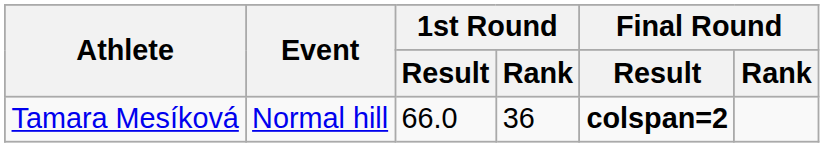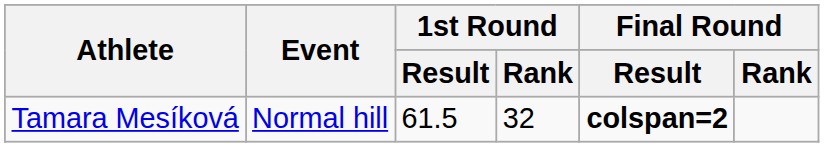 <table class="wikitable">
 <tr>
 <th rowspan="2">Athlete</th>
 <th rowspan="2">Event</th>
 <th colspan="2">1st Round</th>
 <th colspan="2">Final Round</th>
 </tr>
 <tr>
 <th>Result</th>
 <th>Rank</th>
 <th>Result</th>
 <th>Rank</th>
 </tr>
 <tr>
 <td align=left><a href='#'>Tamara Mesíková</a></td>
 <td align=left><a href='#'>Normal hill</a></td>
-<td>66.0</td>
-<td>36</td>
+<td>61.5</td>
+<td>32</td>
 <td><strong>colspan=2 </strong></td>
 </tr>
 </table>
